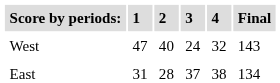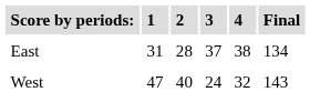 <table cellpadding=5>
 <tr bgcolor="#dddddd">
 <td><strong>Score by periods:</strong></td>
 <td><strong>1</strong></td>
 <td><strong>2</strong></td>
 <td><strong>3</strong></td>
 <td><strong>4</strong></td>
 <td><strong>Final</strong></td>
 </tr>
 <tr>
+<td>East</td>
+<td>31</td>
+<td>28</td>
+<td>37</td>
+<td>38</td>
+<td>134</td>
+</tr>
+<tr>
 <td>West</td>
 <td>47</td>
 <td>40</td>
 <td>24</td>
 <td>32</td>
 <td>143</td>
 </tr>
 <tr>
-<td>East</td>
-<td>31</td>
-<td>28</td>
-<td>37</td>
-<td>38</td>
-<td>134</td>
-</tr>
-<tr>
 </tr>
 </table>
